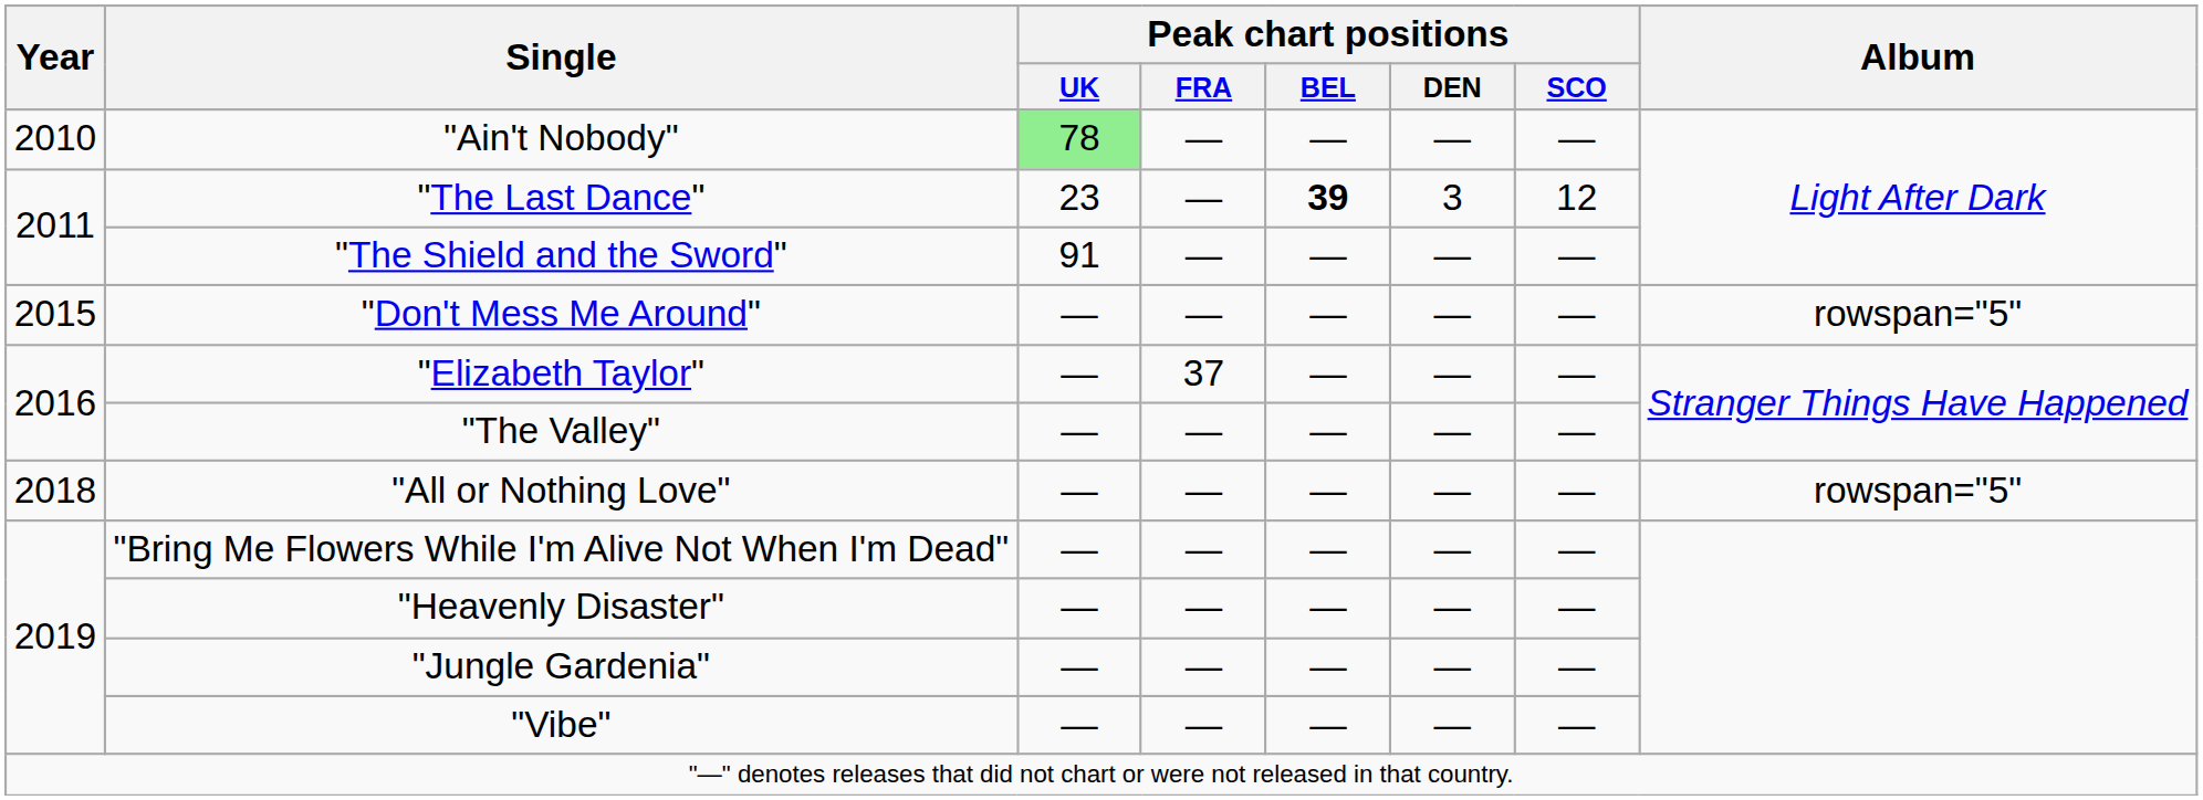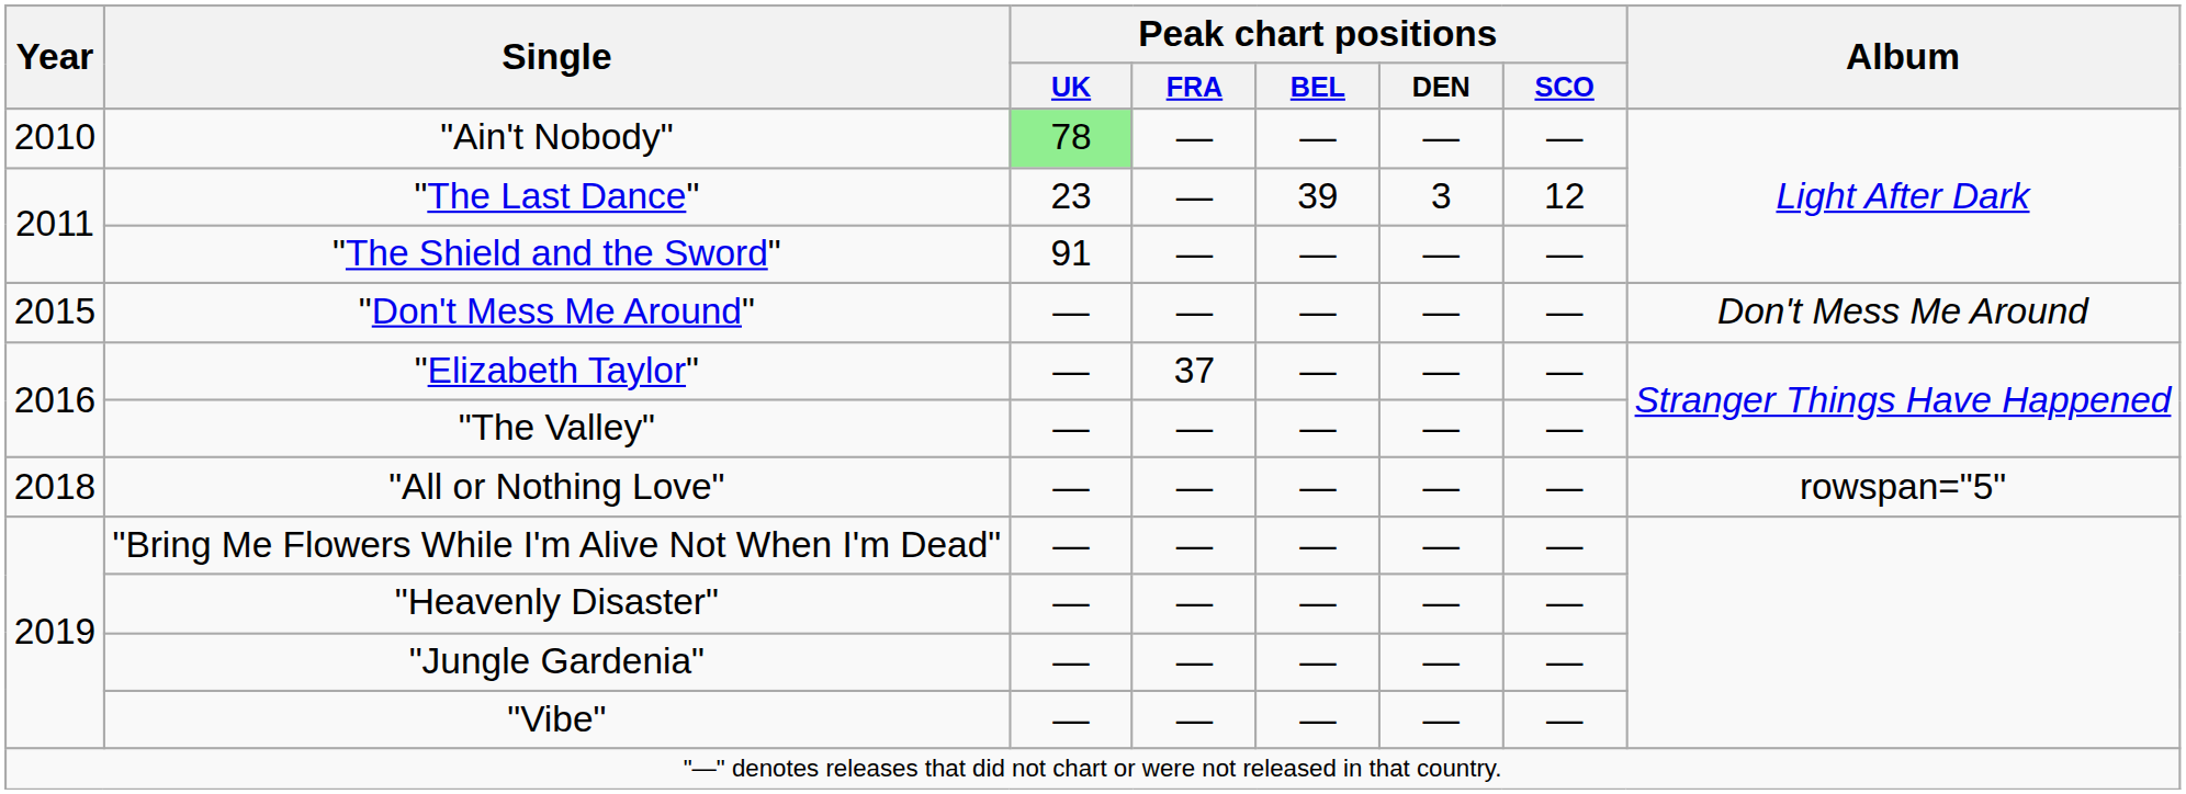 <table class="wikitable" style="text-align:center;">
 <tr>
 <th rowspan="2">Year</th>
 <th rowspan="2">Single</th>
 <th colspan="5">Peak chart positions</th>
 <th rowspan="2">Album</th>
 </tr>
 <tr>
 <th style="width:4em;font-size:75%"><a href='#'>UK</a></th>
 <th style="width:4em;font-size:75%"><a href='#'>FRA</a><br></th>
 <th style="width:4em;font-size:75%"><a href='#'>BEL</a></th>
 <th style="width:4em;font-size:75%">DEN</th>
 <th style="width:4em;font-size:75%"><a href='#'>SCO</a></th>
 </tr>
 <tr>
 <td>2010</td>
 <td>"Ain't Nobody"</td>
 <td style="background: lightgreen;">78</td>
 <td>—</td>
 <td>—</td>
 <td>—</td>
 <td>—</td>
 <td rowspan="3"><em><a href='#'>Light After Dark</a></em></td>
 </tr>
 <tr>
 <td rowspan="2">2011</td>
 <td>"<a href='#'>The Last Dance</a>"</td>
 <td>23</td>
 <td>—</td>
-<td><strong>39</strong></td>
+<td>39</td>
 <td>3</td>
 <td>12</td>
 </tr>
 <tr>
 <td>"<a href='#'>The Shield and the Sword</a>"</td>
 <td>91</td>
 <td>—</td>
 <td>—</td>
 <td>—</td>
 <td>—</td>
 </tr>
 <tr>
 <td>2015</td>
 <td>"<a href='#'>Don't Mess Me Around</a>"</td>
 <td>—</td>
 <td>—</td>
 <td>—</td>
 <td>—</td>
 <td>—</td>
-<td>rowspan="5" </td>
+<td><em>Don't Mess Me Around</em></td>
 </tr>
 <tr>
 <td rowspan="2">2016</td>
 <td>"<a href='#'>Elizabeth Taylor</a>"</td>
 <td>—</td>
 <td>37</td>
 <td>—</td>
 <td>—</td>
 <td>—</td>
 <td rowspan="2"><em><a href='#'>Stranger Things Have Happened</a></em></td>
 </tr>
 <tr>
 <td>"The Valley"</td>
 <td>—</td>
 <td>—</td>
 <td>—</td>
 <td>—</td>
 <td>—</td>
 </tr>
 <tr>
 <td rowspan="1">2018</td>
 <td>"All or Nothing Love"</td>
 <td>—</td>
 <td>—</td>
 <td>—</td>
 <td>—</td>
 <td>—</td>
 <td>rowspan="5" </td>
 </tr>
 <tr>
 <td rowspan="4">2019</td>
 <td>"Bring Me Flowers While I'm Alive Not When I'm Dead"</td>
 <td>—</td>
 <td>—</td>
 <td>—</td>
 <td>—</td>
 <td>—</td>
 </tr>
 <tr>
 <td>"Heavenly Disaster"</td>
 <td>—</td>
 <td>—</td>
 <td>—</td>
 <td>—</td>
 <td>—</td>
 </tr>
 <tr>
 <td>"Jungle Gardenia"</td>
 <td>—</td>
 <td>—</td>
 <td>—</td>
 <td>—</td>
 <td>—</td>
 </tr>
 <tr>
 <td>"Vibe"</td>
 <td>—</td>
 <td>—</td>
 <td>—</td>
 <td>—</td>
 <td>—</td>
 </tr>
 <tr>
 <td colspan="15" style="font-size: 8pt">"—" denotes releases that did not chart or were not released in that country.</td>
 </tr>
 </table>
